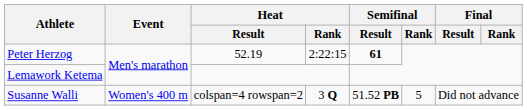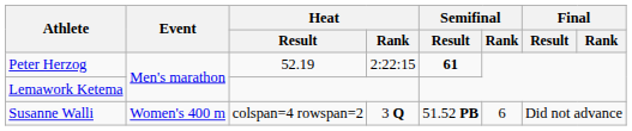 <table class="wikitable" style="font-size:90%">
 <tr>
 <th rowspan="2">Athlete</th>
 <th rowspan="2">Event</th>
 <th colspan="2">Heat</th>
 <th colspan="2">Semifinal</th>
 <th colspan="2">Final</th>
 </tr>
 <tr style="font-size:95%">
 <th>Result</th>
 <th>Rank</th>
 <th>Result</th>
 <th>Rank</th>
 <th>Result</th>
 <th>Rank</th>
 </tr>
 <tr align=center>
 <td align=left><a href='#'>Peter Herzog</a></td>
 <td align=left rowspan=2><a href='#'>Men's marathon</a></td>
 <td>52.19</td>
 <td>2:22:15</td>
 <td><strong>61</strong></td>
 </tr>
 <tr align=center>
 <td align=left><a href='#'>Lemawork Ketema</a></td>
 <td colspan=2></td>
 </tr>
 <tr align=center>
 <td align=left><a href='#'>Susanne Walli</a></td>
 <td align=left><a href='#'>Women's 400 m</a></td>
 <td>colspan=4 rowspan=2 </td>
 <td>3 <strong>Q</strong></td>
 <td>51.52 <strong>PB</strong></td>
-<td>5</td>
+<td>6</td>
 <td colspan=2>Did not advance</td>
 </tr>
 </table>
